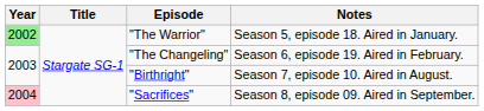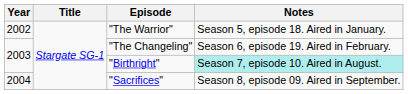 <table class="wikitable sortable">
 <tr>
 <th>Year</th>
 <th>Title</th>
 <th>Episode</th>
 <th>Notes</th>
 </tr>
 <tr>
-<td style="background: lightgreen;">2002</td>
+<td>2002</td>
 <td rowspan="4"><em><a href='#'>Stargate SG-1</a></em></td>
 <td>"The Warrior"</td>
 <td>Season 5, episode 18. Aired in January.</td>
 </tr>
 <tr>
 <td rowspan="2">2003</td>
 <td>"The Changeling"</td>
 <td>Season 6, episode 19. Aired in February.</td>
 </tr>
 <tr>
 <td>"<a href='#'>Birthright</a>"</td>
-<td>Season 7, episode 10. Aired in August.</td>
+<td style="background: paleturquoise;">Season 7, episode 10. Aired in August.</td>
 </tr>
 <tr>
-<td style="background: pink;">2004</td>
+<td>2004</td>
 <td>"<a href='#'>Sacrifices</a>"</td>
 <td>Season 8, episode 09. Aired in September.</td>
 </tr>
 </table>
